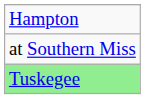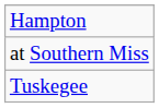 <table class="wikitable">
 <tr>
 </tr>
 <tr>
 <td><a href='#'>Hampton</a></td>
 </tr>
 <tr>
 <td>at <a href='#'>Southern Miss</a></td>
 </tr>
 <tr>
-<td style="background: lightgreen;"><a href='#'>Tuskegee</a></td>
+<td><a href='#'>Tuskegee</a></td>
 </tr>
 </table>
